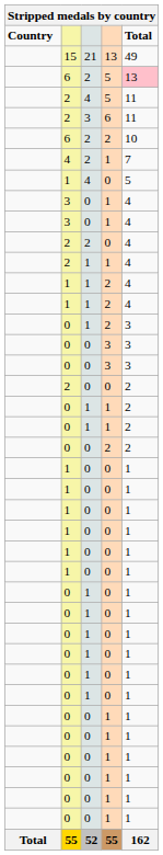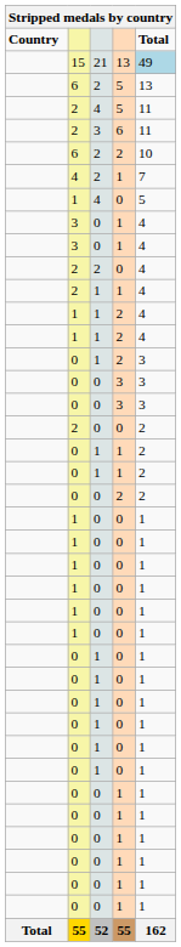 <table class="wikitable" style="font-size:95%;">
 <tr style="background:#efefef;">
 <th colspan=5><strong>Stripped medals by country</strong></th>
 </tr>
 <tr>
 <td><strong>Country</strong></td>
 <td style="background:#f7f6a8;"></td>
 <td style="background:#dce5e5;"></td>
 <td style="background:#ffdab9;"></td>
 <td><strong>Total</strong></td>
 </tr>
 <tr>
 <td></td>
 <td style="background:#F7F6A8;">15</td>
 <td style="background:#DCE5E5;">21</td>
 <td style="background:#FFDAB9;">13</td>
-<td>49</td>
+<td style="background: lightblue;">49</td>
 </tr>
 <tr>
 <td></td>
 <td style="background:#F7F6A8;">6</td>
 <td style="background:#DCE5E5;">2</td>
 <td style="background:#FFDAB9;">5</td>
-<td style="background: pink;">13</td>
+<td>13</td>
 </tr>
 <tr>
 <td></td>
 <td style="background:#F7F6A8;">2</td>
 <td style="background:#DCE5E5;">4</td>
 <td style="background:#FFDAB9;">5</td>
 <td>11</td>
 </tr>
 <tr>
 <td></td>
 <td style="background:#F7F6A8;">2</td>
 <td style="background:#DCE5E5;">3</td>
 <td style="background:#FFDAB9;">6</td>
 <td>11</td>
 </tr>
 <tr>
 <td></td>
 <td style="background:#F7F6A8;">6</td>
 <td style="background:#DCE5E5;">2</td>
 <td style="background:#FFDAB9;">2</td>
 <td>10</td>
 </tr>
 <tr>
 <td></td>
 <td style="background:#F7F6A8;">4</td>
 <td style="background:#DCE5E5;">2</td>
 <td style="background:#FFDAB9;">1</td>
 <td>7</td>
 </tr>
 <tr>
 <td></td>
 <td style="background:#F7F6A8;">1</td>
 <td style="background:#DCE5E5;">4</td>
 <td style="background:#FFDAB9;">0</td>
 <td>5</td>
 </tr>
 <tr>
 <td></td>
 <td style="background:#F7F6A8;">3</td>
 <td style="background:#DCE5E5;">0</td>
 <td style="background:#FFDAB9;">1</td>
 <td>4</td>
 </tr>
 <tr>
 <td></td>
 <td style="background:#F7F6A8;">3</td>
 <td style="background:#DCE5E5;">0</td>
 <td style="background:#FFDAB9;">1</td>
 <td>4</td>
 </tr>
 <tr>
 <td></td>
 <td style="background:#F7F6A8;">2</td>
 <td style="background:#DCE5E5;">2</td>
 <td style="background:#FFDAB9;">0</td>
 <td>4</td>
 </tr>
 <tr>
 <td></td>
 <td style="background:#F7F6A8;">2</td>
 <td style="background:#DCE5E5;">1</td>
 <td style="background:#FFDAB9;">1</td>
 <td>4</td>
 </tr>
 <tr>
 <td></td>
 <td style="background:#F7F6A8;">1</td>
 <td style="background:#DCE5E5;">1</td>
 <td style="background:#FFDAB9;">2</td>
 <td>4</td>
 </tr>
 <tr>
 <td></td>
 <td style="background:#F7F6A8;">1</td>
 <td style="background:#DCE5E5;">1</td>
 <td style="background:#FFDAB9;">2</td>
 <td>4</td>
 </tr>
 <tr>
 <td></td>
 <td style="background:#F7F6A8;">0</td>
 <td style="background:#DCE5E5;">1</td>
 <td style="background:#FFDAB9;">2</td>
 <td>3</td>
 </tr>
 <tr>
 <td></td>
 <td style="background:#F7F6A8;">0</td>
 <td style="background:#DCE5E5;">0</td>
 <td style="background:#FFDAB9;">3</td>
 <td>3</td>
 </tr>
 <tr>
 <td></td>
 <td style="background:#F7F6A8;">0</td>
 <td style="background:#DCE5E5;">0</td>
 <td style="background:#FFDAB9;">3</td>
 <td>3</td>
 </tr>
 <tr>
 <td></td>
 <td style="background:#F7F6A8;">2</td>
 <td style="background:#DCE5E5;">0</td>
 <td style="background:#FFDAB9;">0</td>
 <td>2</td>
 </tr>
 <tr>
 <td></td>
 <td style="background:#F7F6A8;">0</td>
 <td style="background:#DCE5E5;">1</td>
 <td style="background:#FFDAB9;">1</td>
 <td>2</td>
 </tr>
 <tr>
 <td></td>
 <td style="background:#F7F6A8;">0</td>
 <td style="background:#DCE5E5;">1</td>
 <td style="background:#FFDAB9;">1</td>
 <td>2</td>
 </tr>
 <tr>
 <td></td>
 <td style="background:#F7F6A8;">0</td>
 <td style="background:#DCE5E5;">0</td>
 <td style="background:#FFDAB9;">2</td>
 <td>2</td>
 </tr>
 <tr>
 <td></td>
 <td style="background:#F7F6A8;">1</td>
 <td style="background:#DCE5E5;">0</td>
 <td style="background:#FFDAB9;">0</td>
 <td>1</td>
 </tr>
 <tr>
 <td></td>
 <td style="background:#F7F6A8;">1</td>
 <td style="background:#DCE5E5;">0</td>
 <td style="background:#FFDAB9;">0</td>
 <td>1</td>
 </tr>
 <tr>
 <td></td>
 <td style="background:#F7F6A8;">1</td>
 <td style="background:#DCE5E5;">0</td>
 <td style="background:#FFDAB9;">0</td>
 <td>1</td>
 </tr>
 <tr>
 <td></td>
 <td style="background:#F7F6A8;">1</td>
 <td style="background:#DCE5E5;">0</td>
 <td style="background:#FFDAB9;">0</td>
 <td>1</td>
 </tr>
 <tr>
 <td></td>
 <td style="background:#F7F6A8;">1</td>
 <td style="background:#DCE5E5;">0</td>
 <td style="background:#FFDAB9;">0</td>
 <td>1</td>
 </tr>
 <tr>
 <td></td>
 <td style="background:#F7F6A8;">1</td>
 <td style="background:#DCE5E5;">0</td>
 <td style="background:#FFDAB9;">0</td>
 <td>1</td>
 </tr>
 <tr>
 <td></td>
 <td style="background:#F7F6A8;">0</td>
 <td style="background:#DCE5E5;">1</td>
 <td style="background:#FFDAB9;">0</td>
 <td>1</td>
 </tr>
 <tr>
 <td></td>
 <td style="background:#F7F6A8;">0</td>
 <td style="background:#DCE5E5;">1</td>
 <td style="background:#FFDAB9;">0</td>
 <td>1</td>
 </tr>
 <tr>
 <td></td>
 <td style="background:#F7F6A8;">0</td>
 <td style="background:#DCE5E5;">1</td>
 <td style="background:#FFDAB9;">0</td>
 <td>1</td>
 </tr>
 <tr>
 <td></td>
 <td style="background:#F7F6A8;">0</td>
 <td style="background:#DCE5E5;">1</td>
 <td style="background:#FFDAB9;">0</td>
 <td>1</td>
 </tr>
 <tr>
 <td></td>
 <td style="background:#F7F6A8;">0</td>
 <td style="background:#DCE5E5;">1</td>
 <td style="background:#FFDAB9;">0</td>
 <td>1</td>
 </tr>
 <tr>
 <td></td>
 <td style="background:#F7F6A8;">0</td>
 <td style="background:#DCE5E5;">1</td>
 <td style="background:#FFDAB9;">0</td>
 <td>1</td>
 </tr>
 <tr>
 <td></td>
 <td style="background:#F7F6A8;">0</td>
 <td style="background:#DCE5E5;">0</td>
 <td style="background:#FFDAB9;">1</td>
 <td>1</td>
 </tr>
 <tr>
 <td></td>
 <td style="background:#F7F6A8;">0</td>
 <td style="background:#DCE5E5;">0</td>
 <td style="background:#FFDAB9;">1</td>
 <td>1</td>
 </tr>
 <tr>
 <td></td>
 <td style="background:#F7F6A8;">0</td>
 <td style="background:#DCE5E5;">0</td>
 <td style="background:#FFDAB9;">1</td>
 <td>1</td>
 </tr>
 <tr>
 <td></td>
 <td style="background:#F7F6A8;">0</td>
 <td style="background:#DCE5E5;">0</td>
 <td style="background:#FFDAB9;">1</td>
 <td>1</td>
 </tr>
 <tr>
 <td></td>
 <td style="background:#F7F6A8;">0</td>
 <td style="background:#DCE5E5;">0</td>
 <td style="background:#FFDAB9;">1</td>
 <td>1</td>
 </tr>
 <tr>
 <td></td>
 <td style="background:#F7F6A8;">0</td>
 <td style="background:#DCE5E5;">0</td>
 <td style="background:#FFDAB9;">1</td>
 <td>1</td>
 </tr>
 <tr>
 <th><strong>Total</strong></th>
 <th style="background:gold;">55</th>
 <th style="background:silver;">52</th>
 <th style="background:#c96;">55</th>
 <th><strong>162</strong></th>
 </tr>
 </table>
